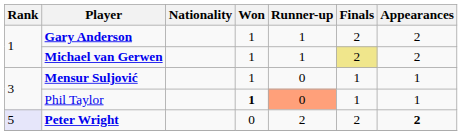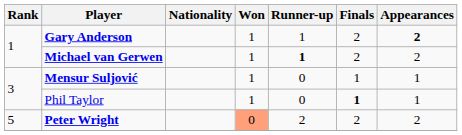 <table class="wikitable sortable">
 <tr>
 <th>Rank</th>
 <th>Player</th>
 <th>Nationality</th>
 <th>Won</th>
 <th>Runner-up</th>
 <th>Finals</th>
 <th>Appearances</th>
 </tr>
 <tr>
 <td rowspan="2">1</td>
 <td><strong><a href='#'>Gary Anderson</a></strong></td>
 <td></td>
 <td align=center>1</td>
 <td align=center>1</td>
 <td align=center>2</td>
-<td align=center>2</td>
+<td align=center><strong>2</strong></td>
 </tr>
 <tr>
 <td><strong><a href='#'>Michael van Gerwen</a></strong></td>
 <td></td>
 <td align=center>1</td>
-<td align=center>1</td>
-<td align=center style="background: khaki;">2</td>
+<td align=center><strong>1</strong></td>
+<td align=center>2</td>
 <td align=center>2</td>
 </tr>
 <tr>
 <td rowspan="2">3</td>
 <td><strong><a href='#'>Mensur Suljović</a></strong></td>
 <td></td>
 <td align=center>1</td>
 <td align=center>0</td>
 <td align=center>1</td>
 <td align=center>1</td>
 </tr>
 <tr>
 <td><a href='#'>Phil Taylor</a></td>
 <td></td>
+<td align=center>1</td>
+<td align=center>0</td>
 <td align=center><strong>1</strong></td>
-<td align=center style="background: lightsalmon;">0</td>
-<td align=center>1</td>
 <td align=center>1</td>
 </tr>
 <tr>
-<td rowspan="1" style="background: lavender;">5</td>
+<td rowspan="1">5</td>
 <td><strong><a href='#'>Peter Wright</a></strong></td>
 <td></td>
-<td align=center>0</td>
+<td align=center style="background: lightsalmon;">0</td>
 <td align=center>2</td>
 <td align=center>2</td>
-<td align=center><strong>2</strong></td>
+<td align=center>2</td>
 </tr>
 <tr>
 </tr>
 </table>
